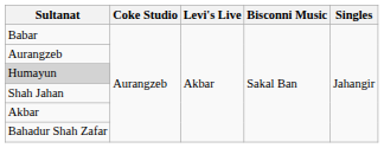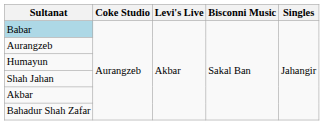 <table class="wikitable">
 <tr>
 <th>Sultanat</th>
 <th>Coke Studio</th>
 <th>Levi's Live</th>
 <th>Bisconni Music</th>
 <th>Singles</th>
 </tr>
 <tr>
-<td>Babar</td>
+<td style="background: lightblue;">Babar</td>
 <td rowspan="6">Aurangzeb</td>
 <td rowspan="6">Akbar</td>
 <td rowspan="6">Sakal Ban</td>
 <td rowspan="6">Jahangir</td>
 </tr>
 <tr>
 <td>Aurangzeb</td>
 </tr>
 <tr>
-<td style="background: lightgrey;">Humayun</td>
+<td>Humayun</td>
 </tr>
 <tr>
 <td>Shah Jahan</td>
 </tr>
 <tr>
 <td>Akbar</td>
 </tr>
 <tr>
 <td>Bahadur Shah Zafar</td>
 </tr>
 </table>
